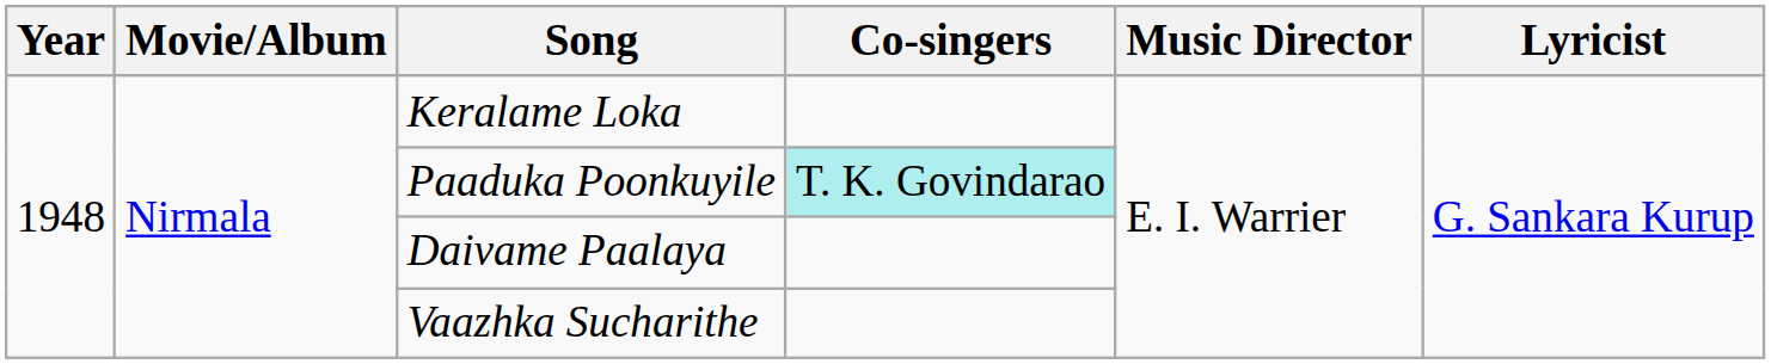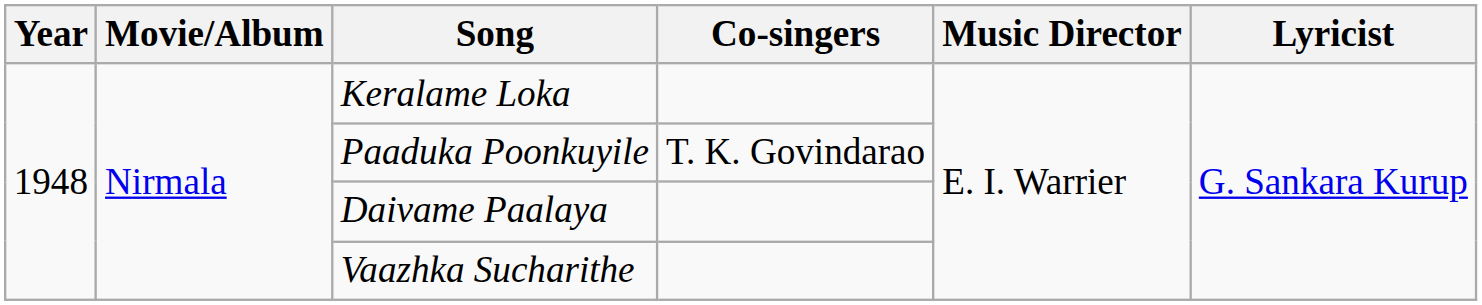 <table class="wikitable sortable">
 <tr>
 <th scope="col">Year</th>
 <th scope="col">Movie/Album</th>
 <th scope="col">Song</th>
 <th scope="col">Co-singers</th>
 <th scope="col">Music Director</th>
 <th scope="col">Lyricist</th>
 </tr>
 <tr>
 <td rowspan=4>1948</td>
 <td rowspan=4><a href='#'>Nirmala</a></td>
 <td><em>Keralame Loka</em></td>
 <td></td>
 <td rowspan=4>E. I. Warrier</td>
 <td rowspan=4><a href='#'>G. Sankara Kurup</a></td>
 </tr>
 <tr>
 <td><em>Paaduka Poonkuyile</em></td>
-<td style="background: paleturquoise;">T. K. Govindarao</td>
+<td>T. K. Govindarao</td>
 </tr>
 <tr>
 <td><em>Daivame Paalaya</em></td>
 <td></td>
 </tr>
 <tr>
 <td><em>Vaazhka Sucharithe</em></td>
 <td></td>
 </tr>
 </table>
